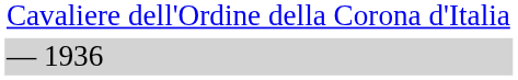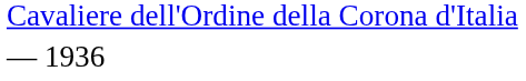 <table>
 <tr>
 <td rowspan=2 style="width:60px; vertical-align:top;"></td>
 <td><a href='#'>Cavaliere dell'Ordine della Corona d'Italia</a></td>
 </tr>
 <tr>
-<td style="background: lightgrey;">— 1936</td>
+<td>— 1936</td>
 </tr>
 </table>
